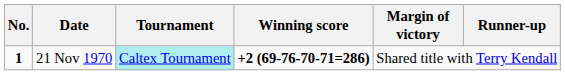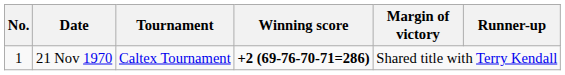 <table class="wikitable" style="font-size:95%;">
 <tr>
 <th>No.</th>
 <th>Date</th>
 <th>Tournament</th>
 <th>Winning score</th>
 <th>Margin of<br>victory</th>
 <th>Runner-up</th>
 </tr>
 <tr>
-<td align=center><strong>1</strong></td>
+<td align=center>1</td>
 <td align=right>21 Nov <a href='#'>1970</a></td>
-<td style="background: paleturquoise;"><a href='#'>Caltex Tournament</a></td>
+<td><a href='#'>Caltex Tournament</a></td>
 <td><strong>+2 (69-76-70-71=286)</strong></td>
 <td colspan=2>Shared title with  <a href='#'>Terry Kendall</a></td>
 </tr>
 </table>
